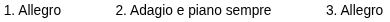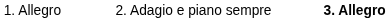 <table>
 <tr>
 <td colspan="3"></td>
 </tr>
 <tr>
 <td style="width: 33%; text-align: center;">1. Allegro</td>
 <td style="width: 33%; text-align: center;">2. Adagio e piano sempre</td>
-<td style="width: 33%; text-align: center;">3. Allegro</td>
+<td style="width: 33%; text-align: center;"><strong>3. Allegro</strong></td>
 </tr>
 </table>
